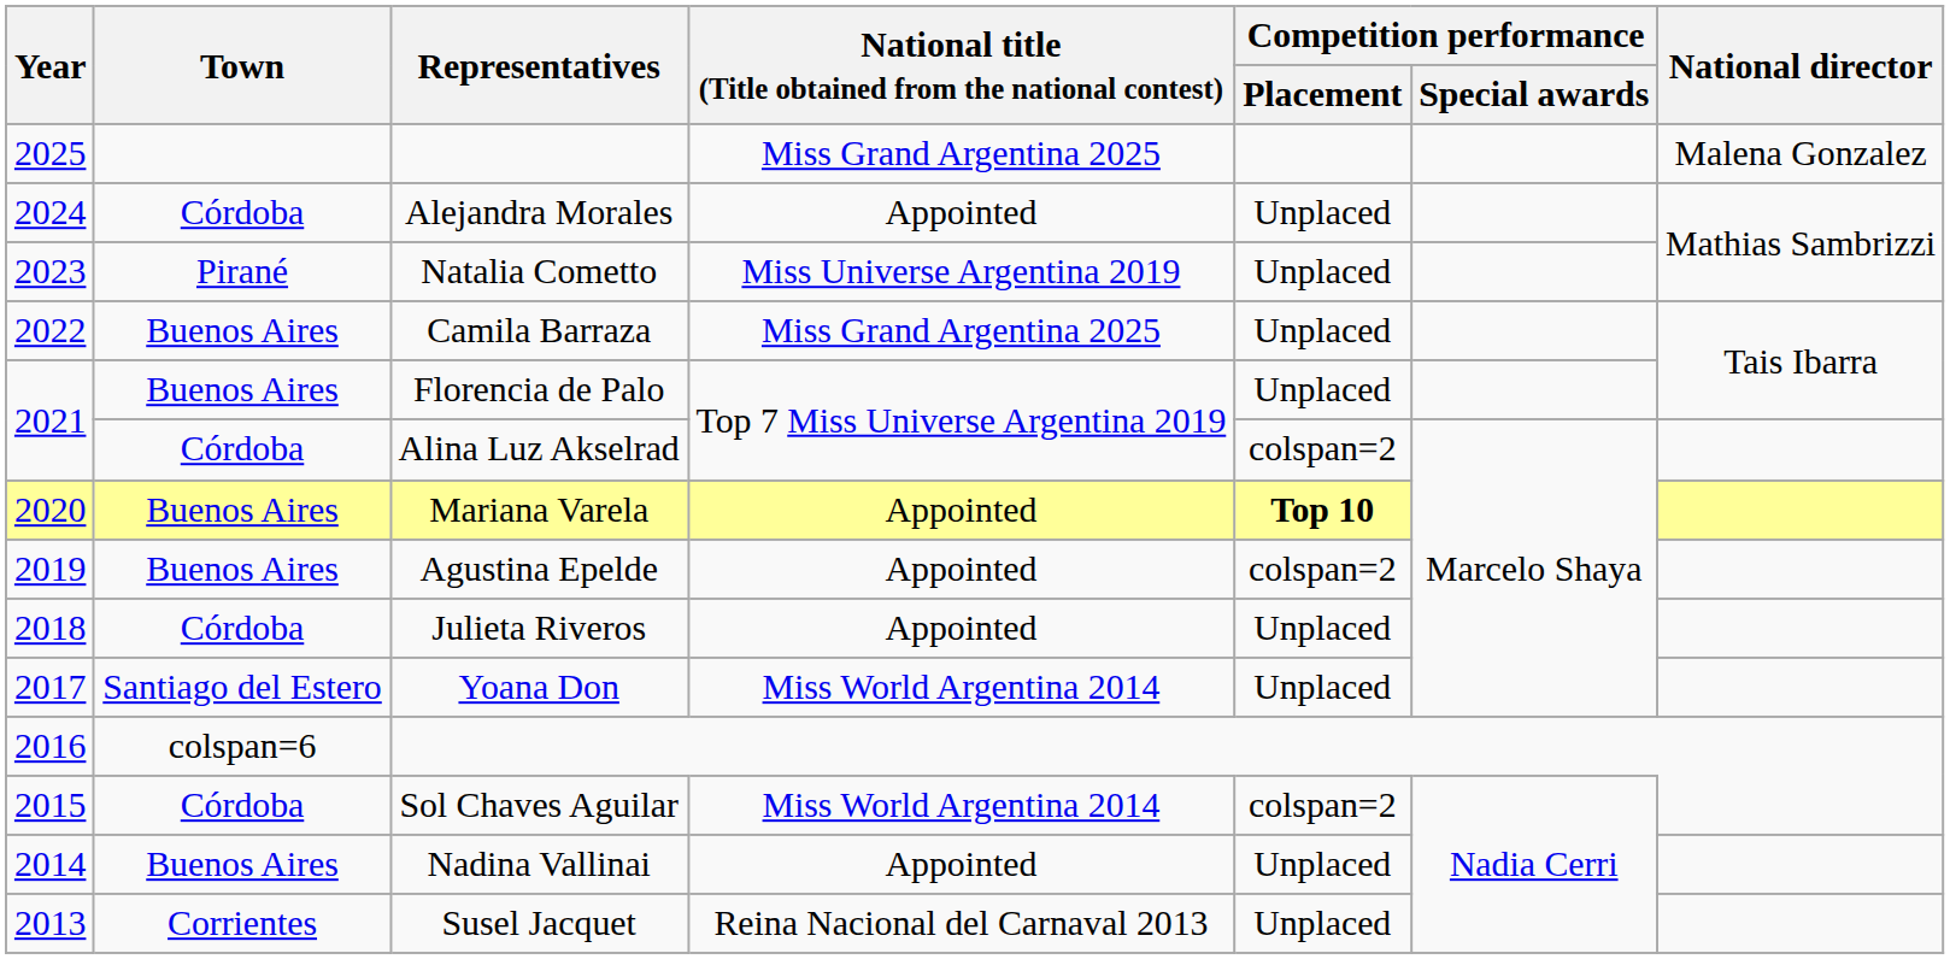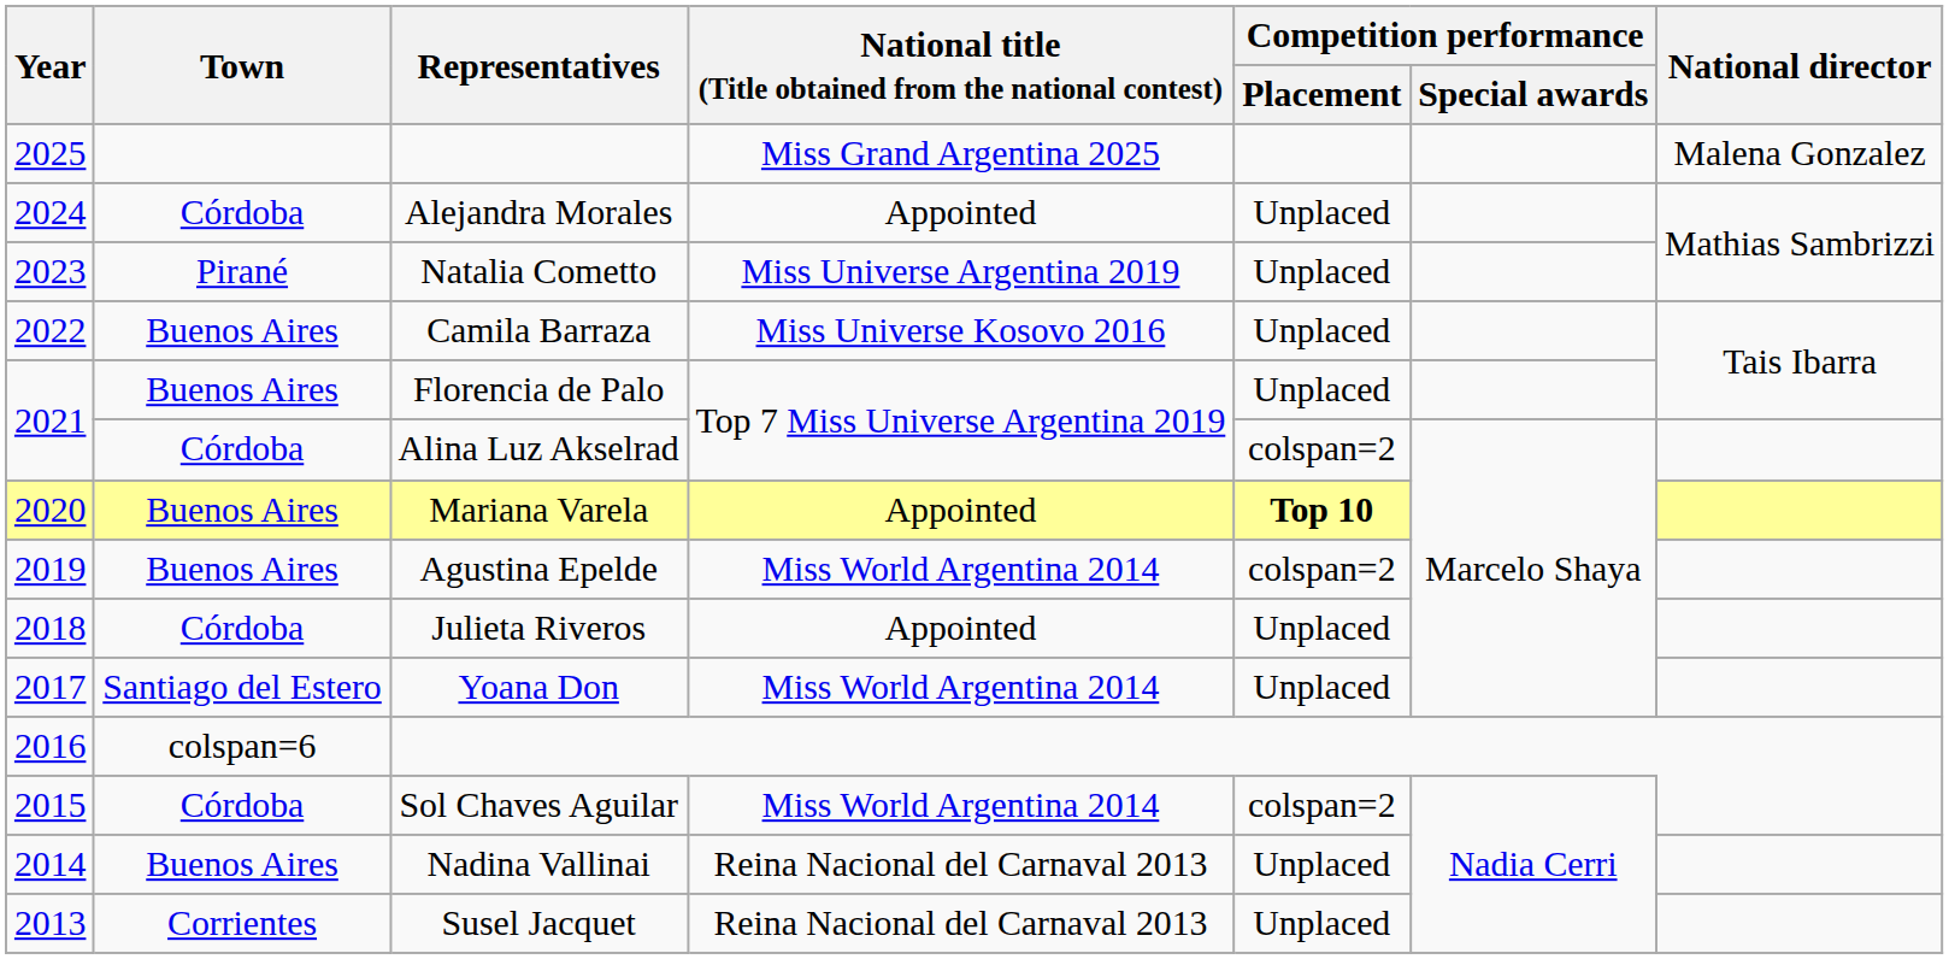 <table class="wikitable" style="font-size: 95%; text-align:center">
 <tr>
 <th rowspan=2>Year</th>
 <th rowspan=2>Town</th>
 <th rowspan=2>Representatives</th>
 <th rowspan=2>National title<br><small>(Title obtained from the national contest)</small></th>
 <th colspan=2>Competition performance</th>
 <th rowspan=2>National director</th>
 </tr>
 <tr>
 <th>Placement</th>
 <th>Special awards</th>
 </tr>
 <tr>
 <td><a href='#'>2025</a></td>
 <td></td>
 <td></td>
 <td><a href='#'>Miss Grand Argentina 2025</a></td>
 <td></td>
 <td></td>
 <td>Malena Gonzalez</td>
 </tr>
 <tr>
 <td><a href='#'>2024</a></td>
 <td><a href='#'>Córdoba</a></td>
 <td>Alejandra Morales</td>
 <td>Appointed</td>
 <td>Unplaced</td>
 <td></td>
 <td rowspan="2">Mathias Sambrizzi</td>
 </tr>
 <tr>
 <td><a href='#'>2023</a></td>
 <td><a href='#'>Pirané</a></td>
 <td>Natalia Cometto</td>
 <td><a href='#'>Miss Universe Argentina 2019</a></td>
 <td>Unplaced</td>
 <td></td>
 </tr>
 <tr>
 <td><a href='#'>2022</a></td>
 <td><a href='#'>Buenos Aires</a></td>
 <td>Camila Barraza</td>
-<td><a href='#'>Miss Grand Argentina 2025</a></td>
+<td><a href='#'>Miss Universe Kosovo 2016</a></td>
 <td>Unplaced</td>
 <td></td>
 <td rowspan="2">Tais Ibarra</td>
 </tr>
 <tr>
 <td rowspan="2"><a href='#'>2021</a></td>
 <td><a href='#'>Buenos Aires</a></td>
 <td>Florencia de Palo</td>
 <td rowspan="2">Top 7 <a href='#'>Miss Universe Argentina 2019</a></td>
 <td>Unplaced</td>
 <td></td>
 </tr>
 <tr>
 <td><a href='#'>Córdoba</a></td>
 <td>Alina Luz Akselrad</td>
 <td>colspan=2 </td>
 <td rowspan="5">Marcelo Shaya</td>
 </tr>
 <tr bgcolor=#FFFF99>
 <td><a href='#'>2020</a></td>
 <td><a href='#'>Buenos Aires</a></td>
 <td>Mariana Varela</td>
 <td>Appointed</td>
 <td><strong>Top 10</strong></td>
 <td></td>
 </tr>
 <tr>
 <td><a href='#'>2019</a></td>
 <td><a href='#'>Buenos Aires</a></td>
 <td>Agustina Epelde</td>
-<td>Appointed</td>
+<td><a href='#'>Miss World Argentina 2014</a></td>
 <td>colspan=2 </td>
 </tr>
 <tr>
 <td><a href='#'>2018</a></td>
 <td><a href='#'>Córdoba</a></td>
 <td>Julieta Riveros</td>
 <td>Appointed</td>
 <td>Unplaced</td>
 <td></td>
 </tr>
 <tr>
 <td><a href='#'>2017</a></td>
 <td><a href='#'>Santiago del Estero</a></td>
 <td><a href='#'>Yoana Don</a></td>
 <td><a href='#'>Miss World Argentina 2014</a></td>
 <td>Unplaced</td>
 <td></td>
 </tr>
 <tr>
 <td><a href='#'>2016</a></td>
 <td>colspan=6 </td>
 </tr>
 <tr>
 <td><a href='#'>2015</a></td>
 <td><a href='#'>Córdoba</a></td>
 <td>Sol Chaves Aguilar</td>
 <td><a href='#'>Miss World Argentina 2014</a></td>
 <td>colspan=2 </td>
 <td rowspan="3"><a href='#'>Nadia Cerri</a></td>
 </tr>
 <tr>
 <td><a href='#'>2014</a></td>
 <td><a href='#'>Buenos Aires</a></td>
 <td>Nadina Vallinai</td>
-<td>Appointed</td>
+<td>Reina Nacional del Carnaval 2013</td>
 <td>Unplaced</td>
 <td></td>
 </tr>
 <tr>
 <td><a href='#'>2013</a></td>
 <td><a href='#'>Corrientes</a></td>
 <td>Susel Jacquet</td>
 <td>Reina Nacional del Carnaval 2013</td>
 <td>Unplaced</td>
 <td></td>
 </tr>
 </table>
